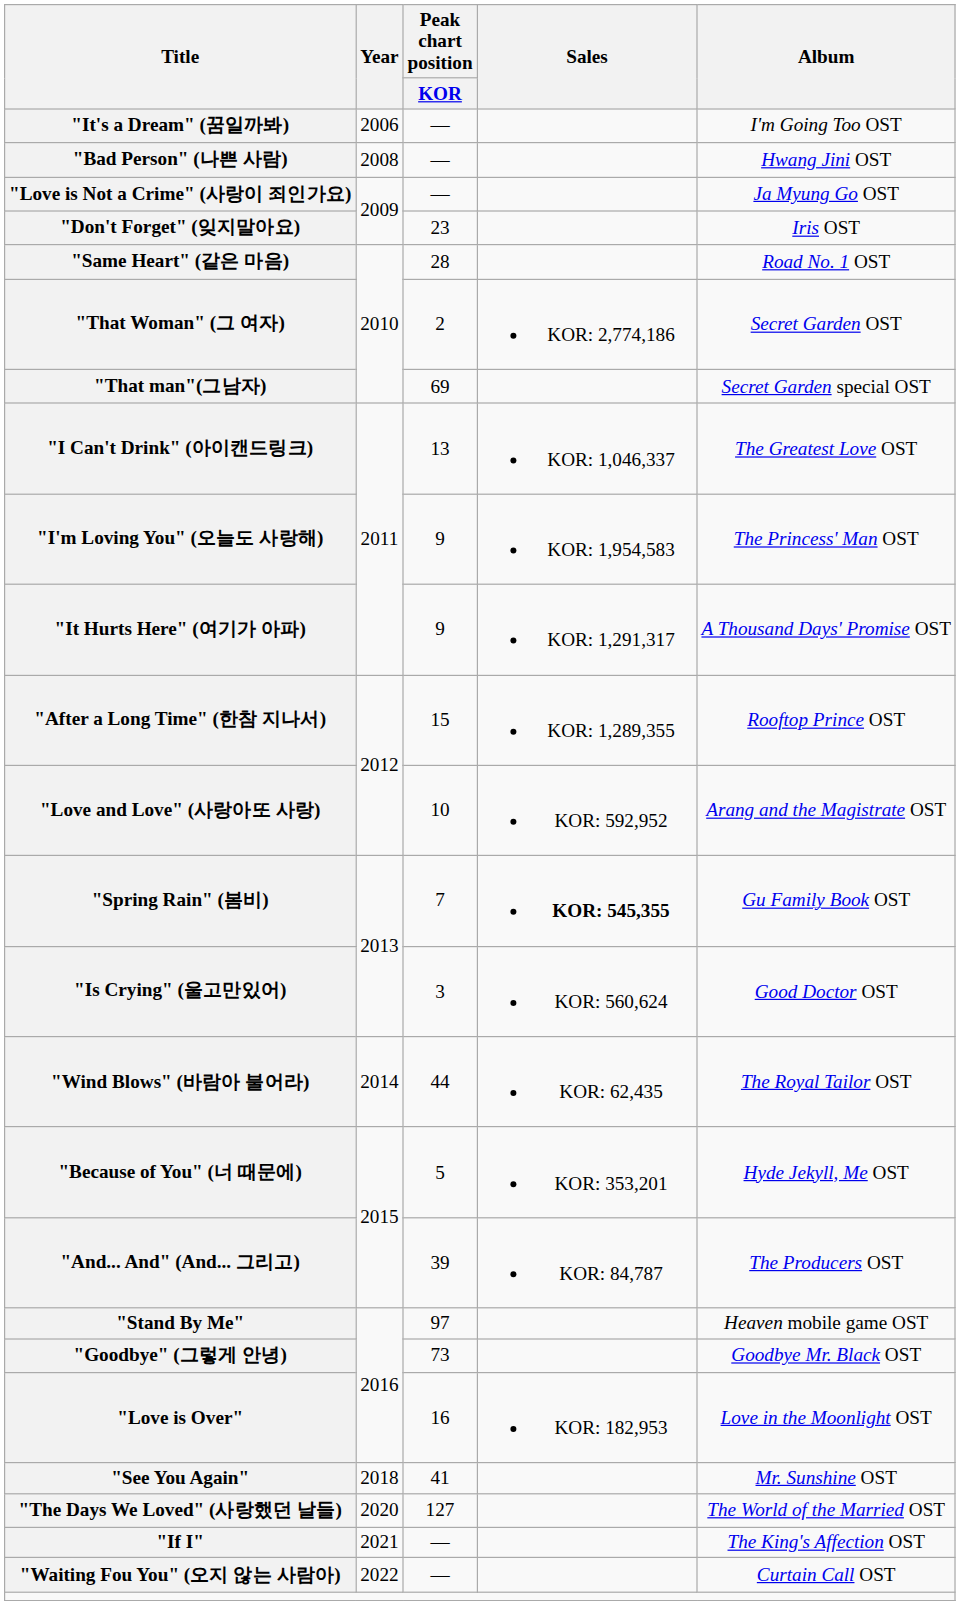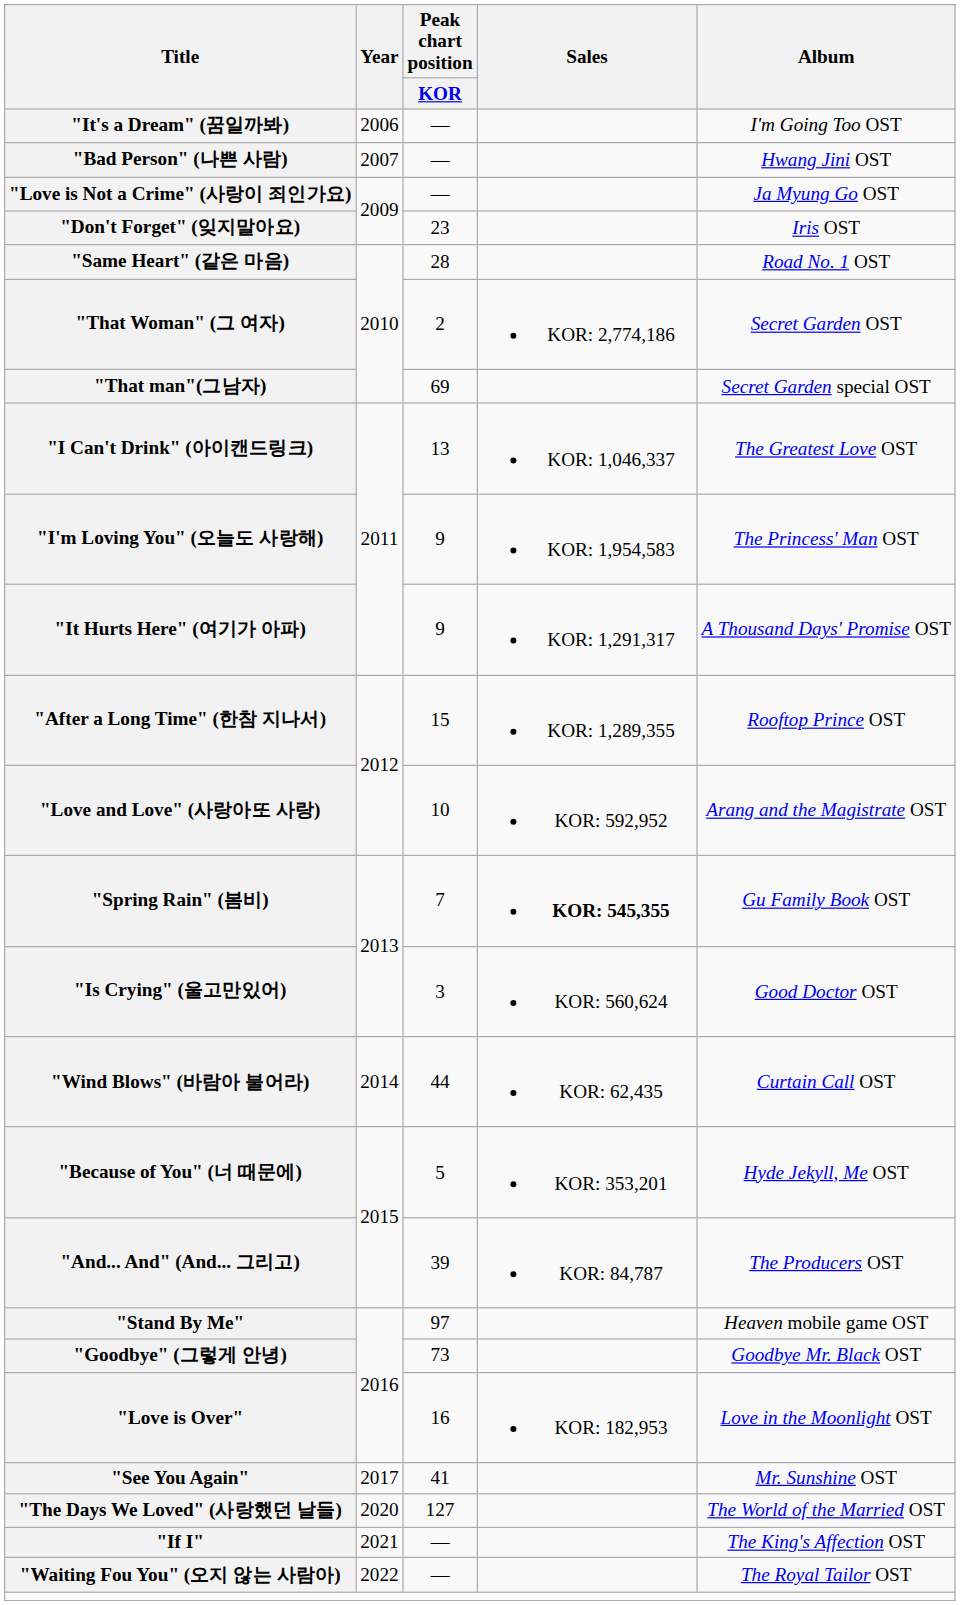 <table class="wikitable plainrowheaders" style="text-align:center;">
 <tr>
 <th scope="col" rowspan="2">Title</th>
 <th scope="col" rowspan="2">Year</th>
 <th scope="col" colspan="1">Peak chart position</th>
 <th rowspan="2" style="width:11em;">Sales</th>
 <th scope="col" rowspan="2">Album</th>
 </tr>
 <tr>
 <th scope="col" style="width:3em"><a href='#'>KOR</a><br></th>
 </tr>
 <tr>
 <th scope="row">"It's a Dream" (꿈일까봐)</th>
 <td>2006</td>
 <td>—</td>
 <td></td>
 <td><em>I'm Going Too</em> OST</td>
 </tr>
 <tr>
 <th scope="row">"Bad Person" (나쁜 사람)</th>
-<td>2008</td>
+<td>2007</td>
 <td>—</td>
 <td></td>
 <td><em><a href='#'>Hwang Jini</a></em> OST</td>
 </tr>
 <tr>
 <th scope="row">"Love is Not a Crime" (사랑이 죄인가요)</th>
 <td rowspan="2">2009</td>
 <td>—</td>
 <td></td>
 <td><em><a href='#'>Ja Myung Go</a></em> OST</td>
 </tr>
 <tr>
 <th scope="row">"Don't Forget" (잊지말아요)</th>
 <td>23</td>
 <td></td>
 <td><em><a href='#'>Iris</a></em> OST</td>
 </tr>
 <tr>
 <th scope="row">"Same Heart" (같은 마음)</th>
 <td rowspan="3">2010</td>
 <td>28</td>
 <td></td>
 <td><em><a href='#'>Road No. 1</a></em> OST</td>
 </tr>
 <tr>
 <th scope="row">"That Woman" (그 여자)</th>
 <td>2</td>
 <td><br><ul><li>KOR: 2,774,186</li></ul></td>
 <td><em><a href='#'>Secret Garden</a></em> OST</td>
 </tr>
 <tr>
 <th scope="row">"That man"(그남자)</th>
 <td>69</td>
 <td></td>
 <td><em><a href='#'>Secret Garden</a></em> special OST</td>
 </tr>
 <tr>
 <th scope="row">"I Can't Drink" (아이캔드링크)</th>
 <td rowspan="3">2011</td>
 <td>13</td>
 <td><br><ul><li>KOR: 1,046,337</li></ul></td>
 <td><em><a href='#'>The Greatest Love</a></em> OST</td>
 </tr>
 <tr>
 <th scope="row">"I'm Loving You" (오늘도 사랑해)</th>
 <td>9</td>
 <td><br><ul><li>KOR: 1,954,583</li></ul></td>
 <td><em><a href='#'>The Princess' Man</a></em> OST</td>
 </tr>
 <tr>
 <th scope="row">"It Hurts Here" (여기가 아파)</th>
 <td>9</td>
 <td><br><ul><li>KOR: 1,291,317</li></ul></td>
 <td><em><a href='#'>A Thousand Days' Promise</a></em> OST</td>
 </tr>
 <tr>
 <th scope="row">"After a Long Time" (한참 지나서)</th>
 <td rowspan="2">2012</td>
 <td>15</td>
 <td><br><ul><li>KOR: 1,289,355</li></ul></td>
 <td><em><a href='#'>Rooftop Prince</a></em> OST</td>
 </tr>
 <tr>
 <th scope="row">"Love and Love" (사랑아또 사랑)</th>
 <td>10</td>
 <td><br><ul><li>KOR: 592,952</li></ul></td>
 <td><em><a href='#'>Arang and the Magistrate</a></em> OST</td>
 </tr>
 <tr>
 <th scope="row">"Spring Rain" (봄비)</th>
 <td rowspan="2">2013</td>
 <td>7</td>
 <td><strong><br><ul><li>KOR: 545,355</li></ul></strong></td>
 <td><em><a href='#'>Gu Family Book</a></em> OST</td>
 </tr>
 <tr>
 <th scope="row">"Is Crying" (울고만있어)</th>
 <td>3</td>
 <td><br><ul><li>KOR: 560,624</li></ul></td>
 <td><em><a href='#'>Good Doctor</a></em> OST</td>
 </tr>
 <tr>
 <th scope="row">"Wind Blows" (바람아 불어라)</th>
 <td>2014</td>
 <td>44</td>
 <td><br><ul><li>KOR: 62,435</li></ul></td>
-<td><em><a href='#'>The Royal Tailor</a></em> OST</td>
+<td><em><a href='#'>Curtain Call</a></em> OST</td>
 </tr>
 <tr>
 <th scope="row">"Because of You" (너 때문에)</th>
 <td rowspan="2">2015</td>
 <td>5</td>
 <td><br><ul><li>KOR: 353,201</li></ul></td>
 <td><em><a href='#'>Hyde Jekyll, Me</a></em> OST</td>
 </tr>
 <tr>
 <th scope="row">"And... And" (And... 그리고)</th>
 <td>39</td>
 <td><br><ul><li>KOR: 84,787</li></ul></td>
 <td><em><a href='#'>The Producers</a></em> OST</td>
 </tr>
 <tr>
 <th scope="row">"Stand By Me"</th>
 <td rowspan="3">2016</td>
 <td>97</td>
 <td></td>
 <td><em>Heaven</em> mobile game OST</td>
 </tr>
 <tr>
 <th scope="row">"Goodbye" (그렇게 안녕)</th>
 <td>73</td>
 <td></td>
 <td><em><a href='#'>Goodbye Mr. Black</a></em> OST</td>
 </tr>
 <tr>
 <th scope="row">"Love is Over"</th>
 <td>16</td>
 <td><br><ul><li>KOR: 182,953</li></ul></td>
 <td><em><a href='#'>Love in the Moonlight</a></em> OST</td>
 </tr>
 <tr>
 <th scope="row">"See You Again"<br></th>
-<td>2018</td>
+<td>2017</td>
 <td>41</td>
 <td></td>
 <td><em><a href='#'>Mr. Sunshine</a></em> OST</td>
 </tr>
 <tr>
 <th scope="row">"The Days We Loved" (사랑했던 날들)</th>
 <td>2020</td>
 <td>127</td>
 <td></td>
 <td><em><a href='#'>The World of the Married</a></em> OST</td>
 </tr>
 <tr>
 <th scope="row">"If I"</th>
 <td>2021</td>
 <td>—</td>
 <td></td>
 <td><em><a href='#'>The King's Affection</a></em> OST</td>
 </tr>
 <tr>
 <th scope="row">"Waiting Fou You" (오지 않는 사람아)</th>
 <td>2022</td>
 <td>—</td>
 <td></td>
-<td><em><a href='#'>Curtain Call</a></em> OST</td>
+<td><em><a href='#'>The Royal Tailor</a></em> OST</td>
 </tr>
 <tr>
 <td colspan="6"></td>
 </tr>
 <tr>
 </tr>
 </table>
